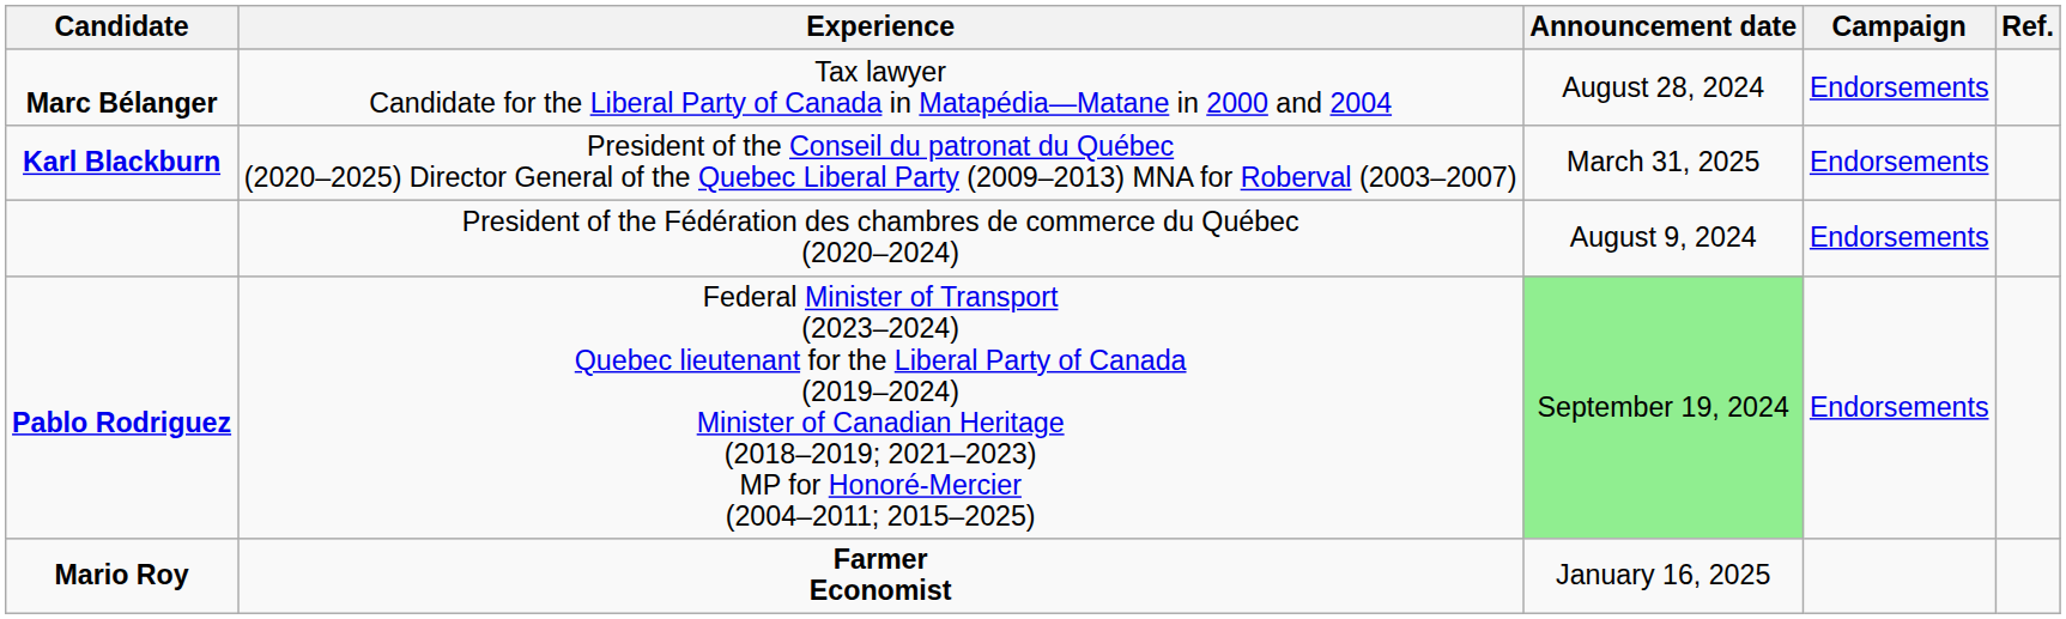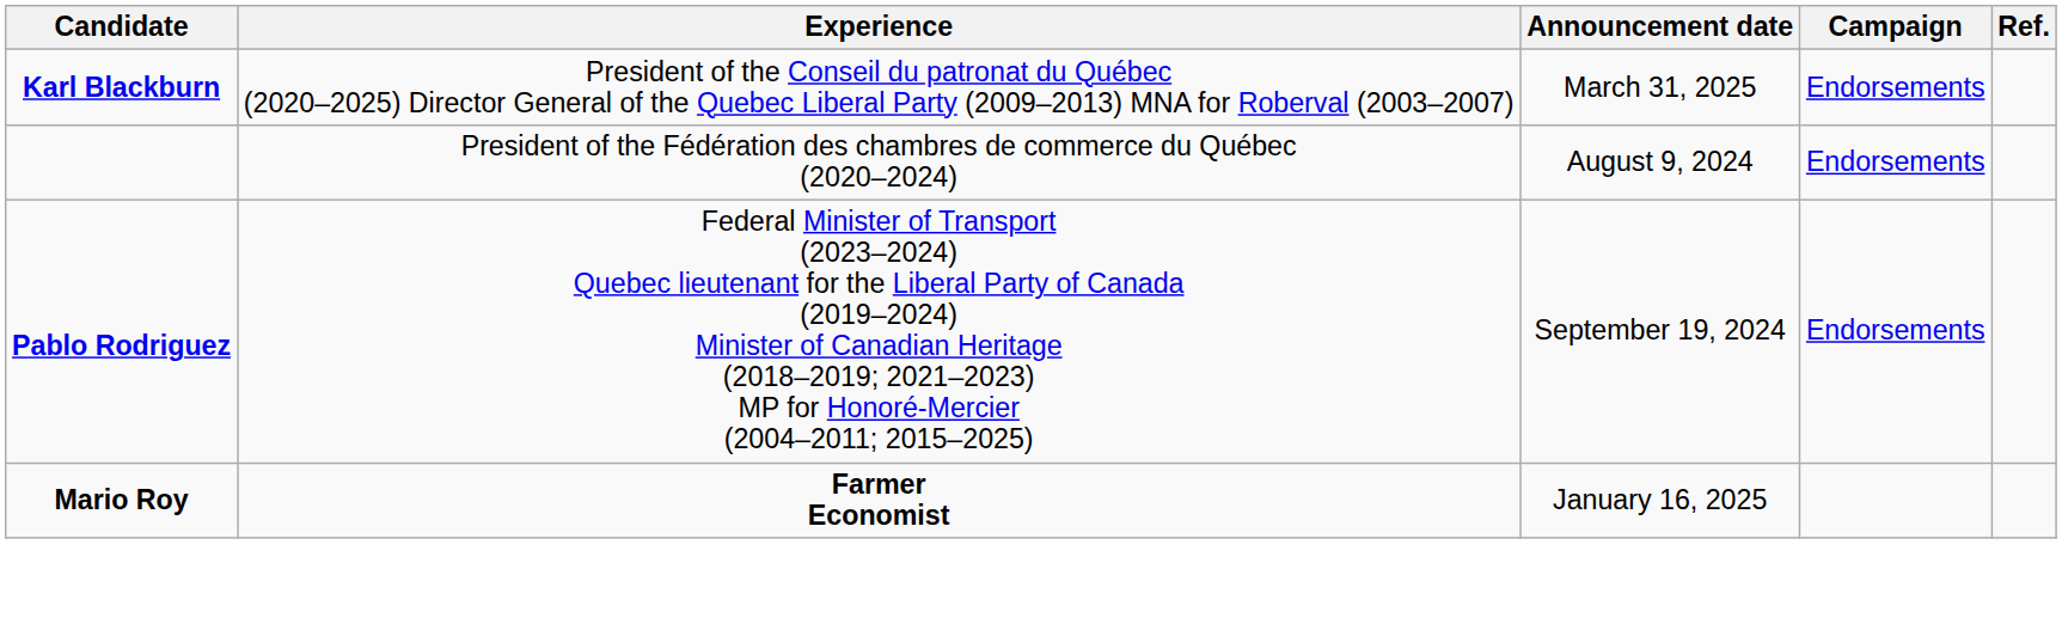 <table class="wikitable sortable" style="text-align:center;">
 <tr>
 <th scope="col">Candidate</th>
 <th scope="col" class="unsortable">Experience</th>
 <th scope="col">Announcement date</th>
 <th scope="col">Campaign</th>
 <th scope="col">Ref.</th>
-</tr>
-<tr>
-<td scope="row" data-sort-value="Bélanger, Marc"><br><strong>Marc Bélanger</strong></td>
-<td>Tax lawyer<br>Candidate for the <a href='#'>Liberal Party of Canada</a> in <a href='#'>Matapédia—Matane</a> in <a href='#'>2000</a> and <a href='#'>2004</a></td>
-<td>August 28, 2024</td>
-<td><a href='#'>Endorsements</a><br></td>
-<td><br></td>
 </tr>
 <tr>
 <td><strong><a href='#'>Karl Blackburn</a></strong></td>
 <td>President of the <a href='#'>Conseil du patronat du Québec</a><br>(2020–2025) Director General of the <a href='#'>Quebec Liberal Party</a>  (2009–2013) MNA for <a href='#'>Roberval</a>  (2003–2007)</td>
 <td>March 31, 2025</td>
 <td><a href='#'>Endorsements</a><br></td>
 <td></td>
 </tr>
 <tr>
 <td scope="row" data-sort-value="Milliard, Charles"><br><strong></strong></td>
 <td>President of the Fédération des chambres de commerce du Québec<br>(2020–2024)</td>
 <td>August 9, 2024</td>
 <td><a href='#'>Endorsements</a><br></td>
 <td></td>
 </tr>
 <tr>
 <td scope="row" data-sort-value="Rodriguez, Pablo"><br><strong><a href='#'>Pablo Rodriguez</a></strong></td>
 <td>Federal <a href='#'>Minister of Transport</a><br>(2023–2024)<br><a href='#'>Quebec lieutenant</a> for the <a href='#'>Liberal Party of Canada</a><br>(2019–2024)<br><a href='#'>Minister of Canadian Heritage</a><br>(2018–2019; 2021–2023)<br>MP for <a href='#'>Honoré-Mercier</a><br>(2004–2011; 2015–2025)</td>
-<td style="background: lightgreen;">September 19, 2024</td>
+<td>September 19, 2024</td>
 <td><a href='#'>Endorsements</a><br></td>
 <td></td>
 </tr>
 <tr>
 <td scope="row" data-sort-value="Roy, Mario"><strong>Mario Roy</strong></td>
 <td><strong>Farmer<br>Economist</strong></td>
 <td>January 16, 2025</td>
 <td></td>
 <td></td>
 </tr>
 </table>
